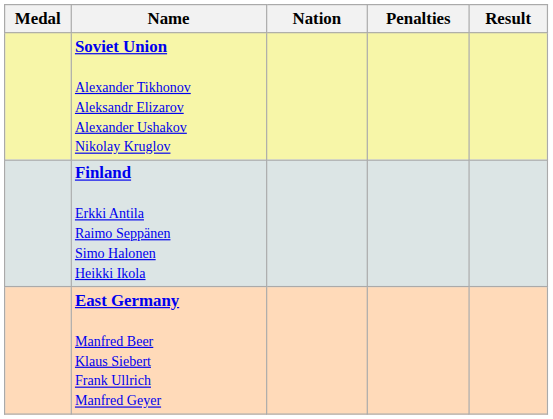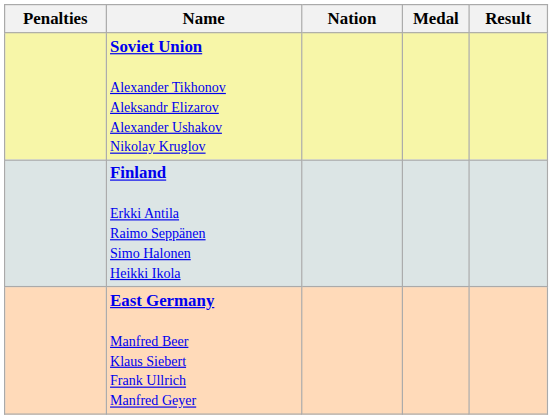 <table class=wikitable style="border:1px solid #AAAAAA;font-size:90%">
 <tr bgcolor="#E4E4E4">
-<th style="border-bottom:1px solid #AAAAAA" width=50>Medal</th>
+<th style="border-bottom:1px solid #AAAAAA" width=80>Penalties</th>
 <th style="border-bottom:1px solid #AAAAAA" width=160>Name</th>
 <th style="border-bottom:1px solid #AAAAAA" width=80>Nation</th>
-<th style="border-bottom:1px solid #AAAAAA" width=80>Penalties</th>
+<th style="border-bottom:1px solid #AAAAAA" width=50>Medal</th>
 <th style="border-bottom:1px solid #AAAAAA" width=60>Result</th>
 </tr>
 <tr bgcolor="#F7F6A8">
 <td align="center"></td>
 <td><strong><a href='#'>Soviet Union</a></strong><br><br><small><a href='#'>Alexander Tikhonov</a><br><a href='#'>Aleksandr Elizarov</a><br><a href='#'>Alexander Ushakov</a><br><a href='#'>Nikolay Kruglov</a></small></td>
 <td></td>
 <td align="center"></td>
 <td align="center"></td>
 </tr>
 <tr bgcolor="#DCE5E5">
 <td align="center"></td>
 <td><strong><a href='#'>Finland</a></strong><br><br><small><a href='#'>Erkki Antila</a><br><a href='#'>Raimo Seppänen</a><br><a href='#'>Simo Halonen</a><br><a href='#'>Heikki Ikola</a></small></td>
 <td></td>
 <td align="center"></td>
 <td align="right"></td>
 </tr>
 <tr bgcolor="#FFDAB9">
 <td align="center"></td>
 <td><strong><a href='#'>East Germany</a></strong><br><br><small><a href='#'>Manfred Beer</a><br><a href='#'>Klaus Siebert</a><br><a href='#'>Frank Ullrich</a><br><a href='#'>Manfred Geyer</a></small></td>
 <td></td>
 <td align="center"></td>
 <td align="right"></td>
 </tr>
 </table>
